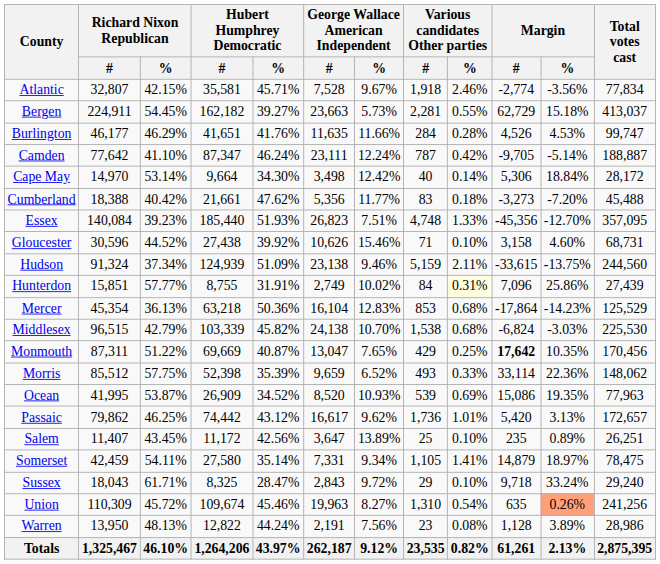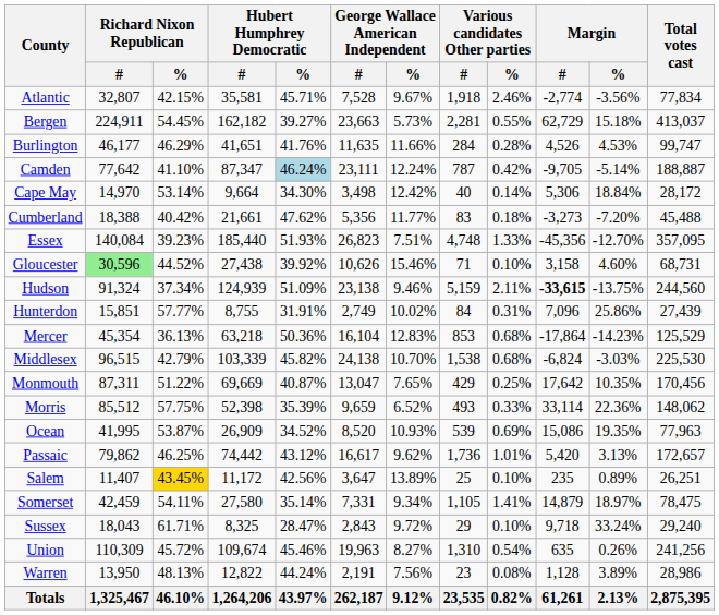 <table class="wikitable sortable" style="text-align:center">
 <tr>
 <th style="text-align:center;" rowspan="2">County</th>
 <th style="text-align:center;" colspan="2">Richard Nixon<br>Republican</th>
 <th style="text-align:center;" colspan="2">Hubert Humphrey<br>Democratic</th>
 <th style="text-align:center;" colspan="2">George Wallace<br>American Independent</th>
 <th style="text-align:center;" colspan="2">Various candidates<br>Other parties</th>
 <th style="text-align:center;" colspan="2">Margin</th>
 <th style="text-align:center;" rowspan="2">Total votes cast</th>
 </tr>
 <tr>
 <th style="text-align:center;" data-sort-type="number">#</th>
 <th style="text-align:center;" data-sort-type="number">%</th>
 <th style="text-align:center;" data-sort-type="number">#</th>
 <th style="text-align:center;" data-sort-type="number">%</th>
 <th style="text-align:center;" data-sort-type="number">#</th>
 <th style="text-align:center;" data-sort-type="number">%</th>
 <th style="text-align:center;" data-sort-type="number">#</th>
 <th style="text-align:center;" data-sort-type="number">%</th>
 <th style="text-align:center;" data-sort-type="number">#</th>
 <th style="text-align:center;" data-sort-type="number">%</th>
 </tr>
 <tr style="text-align:center;">
 <td><a href='#'>Atlantic</a></td>
 <td>32,807</td>
 <td>42.15%</td>
 <td>35,581</td>
 <td>45.71%</td>
 <td>7,528</td>
 <td>9.67%</td>
 <td>1,918</td>
 <td>2.46%</td>
 <td>-2,774</td>
 <td>-3.56%</td>
 <td>77,834</td>
 </tr>
 <tr style="text-align:center;">
 <td><a href='#'>Bergen</a></td>
 <td>224,911</td>
 <td>54.45%</td>
 <td>162,182</td>
 <td>39.27%</td>
 <td>23,663</td>
 <td>5.73%</td>
 <td>2,281</td>
 <td>0.55%</td>
 <td>62,729</td>
 <td>15.18%</td>
 <td>413,037</td>
 </tr>
 <tr style="text-align:center;">
 <td><a href='#'>Burlington</a></td>
 <td>46,177</td>
 <td>46.29%</td>
 <td>41,651</td>
 <td>41.76%</td>
 <td>11,635</td>
 <td>11.66%</td>
 <td>284</td>
 <td>0.28%</td>
 <td>4,526</td>
 <td>4.53%</td>
 <td>99,747</td>
 </tr>
 <tr style="text-align:center;">
 <td><a href='#'>Camden</a></td>
 <td>77,642</td>
 <td>41.10%</td>
 <td>87,347</td>
-<td>46.24%</td>
+<td style="background: lightblue;">46.24%</td>
 <td>23,111</td>
 <td>12.24%</td>
 <td>787</td>
 <td>0.42%</td>
 <td>-9,705</td>
 <td>-5.14%</td>
 <td>188,887</td>
 </tr>
 <tr style="text-align:center;">
 <td><a href='#'>Cape May</a></td>
 <td>14,970</td>
 <td>53.14%</td>
 <td>9,664</td>
 <td>34.30%</td>
 <td>3,498</td>
 <td>12.42%</td>
 <td>40</td>
 <td>0.14%</td>
 <td>5,306</td>
 <td>18.84%</td>
 <td>28,172</td>
 </tr>
 <tr style="text-align:center;">
 <td><a href='#'>Cumberland</a></td>
 <td>18,388</td>
 <td>40.42%</td>
 <td>21,661</td>
 <td>47.62%</td>
 <td>5,356</td>
 <td>11.77%</td>
 <td>83</td>
 <td>0.18%</td>
 <td>-3,273</td>
 <td>-7.20%</td>
 <td>45,488</td>
 </tr>
 <tr style="text-align:center;">
 <td><a href='#'>Essex</a></td>
 <td>140,084</td>
 <td>39.23%</td>
 <td>185,440</td>
 <td>51.93%</td>
 <td>26,823</td>
 <td>7.51%</td>
 <td>4,748</td>
 <td>1.33%</td>
 <td>-45,356</td>
 <td>-12.70%</td>
 <td>357,095</td>
 </tr>
 <tr style="text-align:center;">
 <td><a href='#'>Gloucester</a></td>
-<td>30,596</td>
+<td style="background: lightgreen;">30,596</td>
 <td>44.52%</td>
 <td>27,438</td>
 <td>39.92%</td>
 <td>10,626</td>
 <td>15.46%</td>
 <td>71</td>
 <td>0.10%</td>
 <td>3,158</td>
 <td>4.60%</td>
 <td>68,731</td>
 </tr>
 <tr style="text-align:center;">
 <td><a href='#'>Hudson</a></td>
 <td>91,324</td>
 <td>37.34%</td>
 <td>124,939</td>
 <td>51.09%</td>
 <td>23,138</td>
 <td>9.46%</td>
 <td>5,159</td>
 <td>2.11%</td>
-<td>-33,615</td>
+<td><strong>-33,615</strong></td>
 <td>-13.75%</td>
 <td>244,560</td>
 </tr>
 <tr style="text-align:center;">
 <td><a href='#'>Hunterdon</a></td>
 <td>15,851</td>
 <td>57.77%</td>
 <td>8,755</td>
 <td>31.91%</td>
 <td>2,749</td>
 <td>10.02%</td>
 <td>84</td>
-<td style="background: lightyellow;">0.31%</td>
+<td>0.31%</td>
 <td>7,096</td>
 <td>25.86%</td>
 <td>27,439</td>
 </tr>
 <tr style="text-align:center;">
 <td><a href='#'>Mercer</a></td>
 <td>45,354</td>
 <td>36.13%</td>
 <td>63,218</td>
 <td>50.36%</td>
 <td>16,104</td>
 <td>12.83%</td>
 <td>853</td>
 <td>0.68%</td>
 <td>-17,864</td>
 <td>-14.23%</td>
 <td>125,529</td>
 </tr>
 <tr style="text-align:center;">
 <td><a href='#'>Middlesex</a></td>
 <td>96,515</td>
 <td>42.79%</td>
 <td>103,339</td>
 <td>45.82%</td>
 <td>24,138</td>
 <td>10.70%</td>
 <td>1,538</td>
 <td>0.68%</td>
 <td>-6,824</td>
 <td>-3.03%</td>
 <td>225,530</td>
 </tr>
 <tr style="text-align:center;">
 <td><a href='#'>Monmouth</a></td>
 <td>87,311</td>
 <td>51.22%</td>
 <td>69,669</td>
 <td>40.87%</td>
 <td>13,047</td>
 <td>7.65%</td>
 <td>429</td>
 <td>0.25%</td>
-<td><strong>17,642</strong></td>
+<td>17,642</td>
 <td>10.35%</td>
 <td>170,456</td>
 </tr>
 <tr style="text-align:center;">
 <td><a href='#'>Morris</a></td>
 <td>85,512</td>
 <td>57.75%</td>
 <td>52,398</td>
 <td>35.39%</td>
 <td>9,659</td>
 <td>6.52%</td>
 <td>493</td>
 <td>0.33%</td>
 <td>33,114</td>
 <td>22.36%</td>
 <td>148,062</td>
 </tr>
 <tr style="text-align:center;">
 <td><a href='#'>Ocean</a></td>
 <td>41,995</td>
 <td>53.87%</td>
 <td>26,909</td>
 <td>34.52%</td>
 <td>8,520</td>
 <td>10.93%</td>
 <td>539</td>
 <td>0.69%</td>
 <td>15,086</td>
 <td>19.35%</td>
 <td>77,963</td>
 </tr>
 <tr style="text-align:center;">
 <td><a href='#'>Passaic</a></td>
 <td>79,862</td>
 <td>46.25%</td>
 <td>74,442</td>
 <td>43.12%</td>
 <td>16,617</td>
 <td>9.62%</td>
 <td>1,736</td>
 <td>1.01%</td>
 <td>5,420</td>
 <td>3.13%</td>
 <td>172,657</td>
 </tr>
 <tr style="text-align:center;">
 <td><a href='#'>Salem</a></td>
 <td>11,407</td>
-<td>43.45%</td>
+<td style="background: gold;">43.45%</td>
 <td>11,172</td>
 <td>42.56%</td>
 <td>3,647</td>
 <td>13.89%</td>
 <td>25</td>
 <td>0.10%</td>
 <td>235</td>
 <td>0.89%</td>
 <td>26,251</td>
 </tr>
 <tr style="text-align:center;">
 <td><a href='#'>Somerset</a></td>
 <td>42,459</td>
 <td>54.11%</td>
 <td>27,580</td>
 <td>35.14%</td>
 <td>7,331</td>
 <td>9.34%</td>
 <td>1,105</td>
 <td>1.41%</td>
 <td>14,879</td>
 <td>18.97%</td>
 <td>78,475</td>
 </tr>
 <tr style="text-align:center;">
 <td><a href='#'>Sussex</a></td>
 <td>18,043</td>
 <td>61.71%</td>
 <td>8,325</td>
 <td>28.47%</td>
 <td>2,843</td>
 <td>9.72%</td>
 <td>29</td>
 <td>0.10%</td>
 <td>9,718</td>
 <td>33.24%</td>
 <td>29,240</td>
 </tr>
 <tr style="text-align:center;">
 <td><a href='#'>Union</a></td>
 <td>110,309</td>
 <td>45.72%</td>
 <td>109,674</td>
 <td>45.46%</td>
 <td>19,963</td>
 <td>8.27%</td>
 <td>1,310</td>
 <td>0.54%</td>
 <td>635</td>
-<td style="background: lightsalmon;">0.26%</td>
+<td>0.26%</td>
 <td>241,256</td>
 </tr>
 <tr style="text-align:center;">
 <td><a href='#'>Warren</a></td>
 <td>13,950</td>
 <td>48.13%</td>
 <td>12,822</td>
 <td>44.24%</td>
 <td>2,191</td>
 <td>7.56%</td>
 <td>23</td>
 <td>0.08%</td>
 <td>1,128</td>
 <td>3.89%</td>
 <td>28,986</td>
 </tr>
 <tr style="text-align:center;">
 <th>Totals</th>
 <th>1,325,467</th>
 <th>46.10%</th>
 <th>1,264,206</th>
 <th>43.97%</th>
 <th>262,187</th>
 <th>9.12%</th>
 <th>23,535</th>
 <th>0.82%</th>
 <th>61,261</th>
 <th>2.13%</th>
 <th>2,875,395</th>
 </tr>
 </table>
